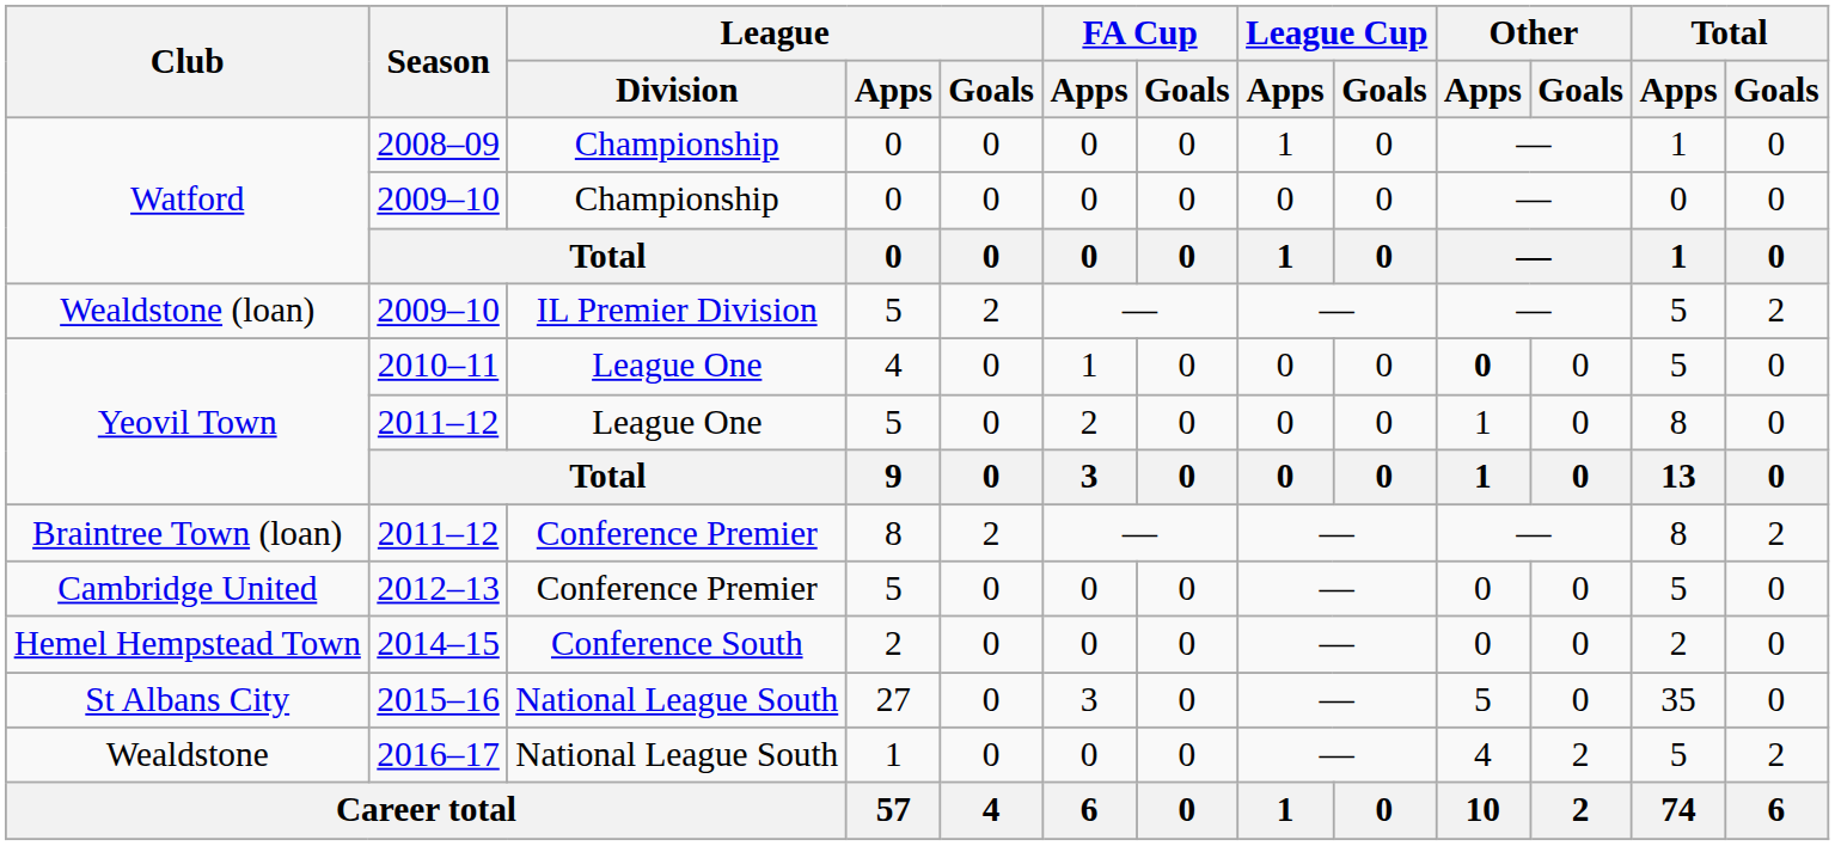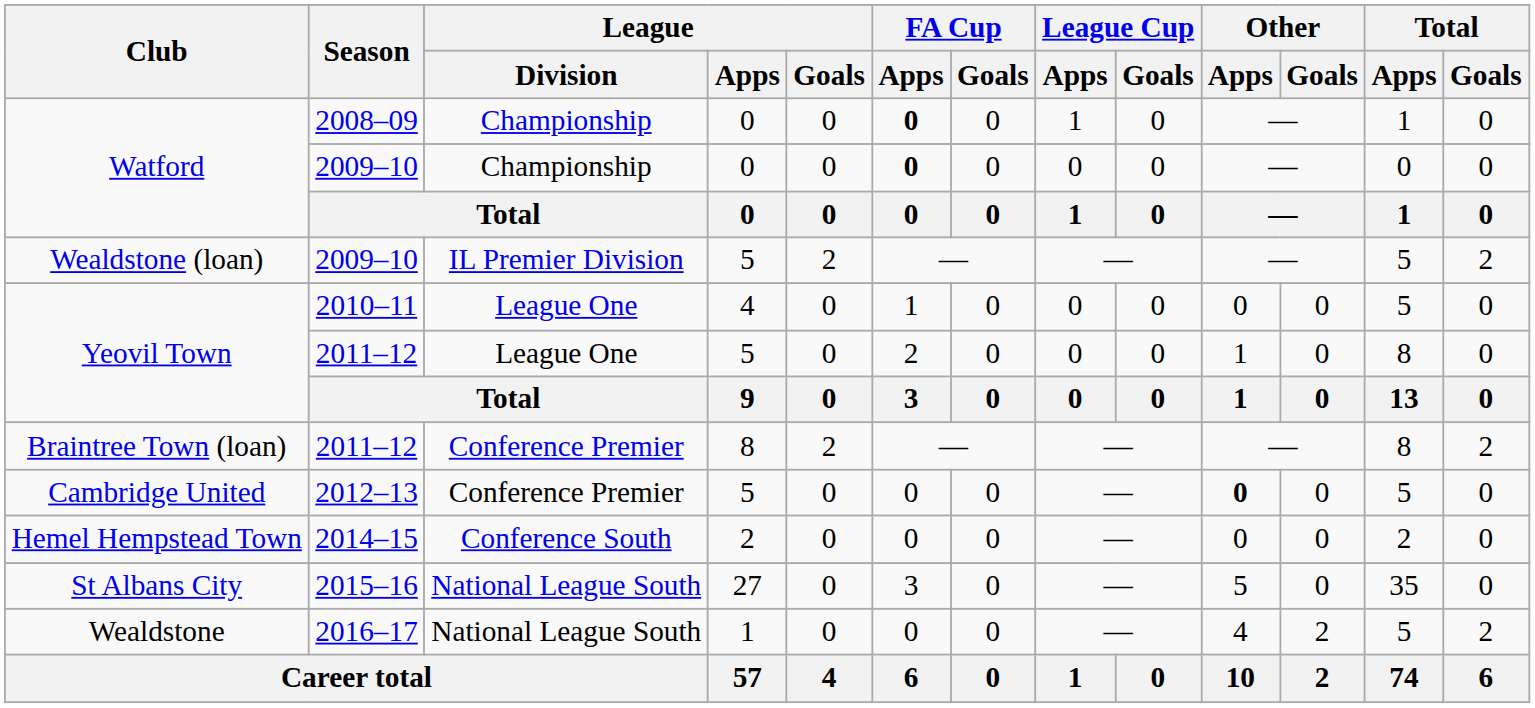 <table class=wikitable style="text-align: center">
 <tr>
 <th rowspan=2>Club</th>
 <th rowspan=2>Season</th>
 <th colspan=3>League</th>
 <th colspan=2><a href='#'>FA Cup</a></th>
 <th colspan=2><a href='#'>League Cup</a></th>
 <th colspan=2>Other</th>
 <th colspan=2>Total</th>
 </tr>
 <tr>
 <th>Division</th>
 <th>Apps</th>
 <th>Goals</th>
 <th>Apps</th>
 <th>Goals</th>
 <th>Apps</th>
 <th>Goals</th>
 <th>Apps</th>
 <th>Goals</th>
 <th>Apps</th>
 <th>Goals</th>
 </tr>
 <tr>
 <td rowspan=3><a href='#'>Watford</a></td>
 <td><a href='#'>2008–09</a></td>
 <td><a href='#'>Championship</a></td>
 <td>0</td>
 <td>0</td>
-<td>0</td>
+<td><strong>0</strong></td>
 <td>0</td>
 <td>1</td>
 <td>0</td>
 <td colspan=2>—</td>
 <td>1</td>
 <td>0</td>
 </tr>
 <tr>
 <td><a href='#'>2009–10</a></td>
 <td>Championship</td>
 <td>0</td>
 <td>0</td>
-<td>0</td>
+<td><strong>0</strong></td>
 <td>0</td>
 <td>0</td>
 <td>0</td>
 <td colspan=2>—</td>
 <td>0</td>
 <td>0</td>
 </tr>
 <tr>
 <th colspan=2>Total</th>
 <th>0</th>
 <th>0</th>
 <th>0</th>
 <th>0</th>
 <th>1</th>
 <th>0</th>
 <th colspan=2>—</th>
 <th>1</th>
 <th>0</th>
 </tr>
 <tr>
 <td><a href='#'>Wealdstone</a> (loan)</td>
 <td><a href='#'>2009–10</a></td>
 <td><a href='#'>IL Premier Division</a></td>
 <td>5</td>
 <td>2</td>
 <td colspan=2>—</td>
 <td colspan=2>—</td>
 <td colspan=2>—</td>
 <td>5</td>
 <td>2</td>
 </tr>
 <tr>
 <td rowspan=3><a href='#'>Yeovil Town</a></td>
 <td><a href='#'>2010–11</a></td>
 <td><a href='#'>League One</a></td>
 <td>4</td>
 <td>0</td>
 <td>1</td>
 <td>0</td>
 <td>0</td>
 <td>0</td>
-<td><strong>0</strong></td>
+<td>0</td>
 <td>0</td>
 <td>5</td>
 <td>0</td>
 </tr>
 <tr>
 <td><a href='#'>2011–12</a></td>
 <td>League One</td>
 <td>5</td>
 <td>0</td>
 <td>2</td>
 <td>0</td>
 <td>0</td>
 <td>0</td>
 <td>1</td>
 <td>0</td>
 <td>8</td>
 <td>0</td>
 </tr>
 <tr>
 <th colspan=2>Total</th>
 <th>9</th>
 <th>0</th>
 <th>3</th>
 <th>0</th>
 <th>0</th>
 <th>0</th>
 <th>1</th>
 <th>0</th>
 <th>13</th>
 <th>0</th>
 </tr>
 <tr>
 <td><a href='#'>Braintree Town</a> (loan)</td>
 <td><a href='#'>2011–12</a></td>
 <td><a href='#'>Conference Premier</a></td>
 <td>8</td>
 <td>2</td>
 <td colspan=2>—</td>
 <td colspan=2>—</td>
 <td colspan=2>—</td>
 <td>8</td>
 <td>2</td>
 </tr>
 <tr>
 <td><a href='#'>Cambridge United</a></td>
 <td><a href='#'>2012–13</a></td>
 <td>Conference Premier</td>
 <td>5</td>
 <td>0</td>
 <td>0</td>
 <td>0</td>
 <td colspan=2>—</td>
-<td>0</td>
+<td><strong>0</strong></td>
 <td>0</td>
 <td>5</td>
 <td>0</td>
 </tr>
 <tr>
 <td><a href='#'>Hemel Hempstead Town</a></td>
 <td><a href='#'>2014–15</a></td>
 <td><a href='#'>Conference South</a></td>
 <td>2</td>
 <td>0</td>
 <td>0</td>
 <td>0</td>
 <td colspan=2>—</td>
 <td>0</td>
 <td>0</td>
 <td>2</td>
 <td>0</td>
 </tr>
 <tr>
 <td><a href='#'>St Albans City</a></td>
 <td><a href='#'>2015–16</a></td>
 <td><a href='#'>National League South</a></td>
 <td>27</td>
 <td>0</td>
 <td>3</td>
 <td>0</td>
 <td colspan=2>—</td>
 <td>5</td>
 <td>0</td>
 <td>35</td>
 <td>0</td>
 </tr>
 <tr>
 <td>Wealdstone</td>
 <td><a href='#'>2016–17</a></td>
 <td>National League South</td>
 <td>1</td>
 <td>0</td>
 <td>0</td>
 <td>0</td>
 <td colspan=2>—</td>
 <td>4</td>
 <td>2</td>
 <td>5</td>
 <td>2</td>
 </tr>
 <tr>
 <th colspan=3>Career total</th>
 <th>57</th>
 <th>4</th>
 <th>6</th>
 <th>0</th>
 <th>1</th>
 <th>0</th>
 <th>10</th>
 <th>2</th>
 <th>74</th>
 <th>6</th>
 </tr>
 </table>
